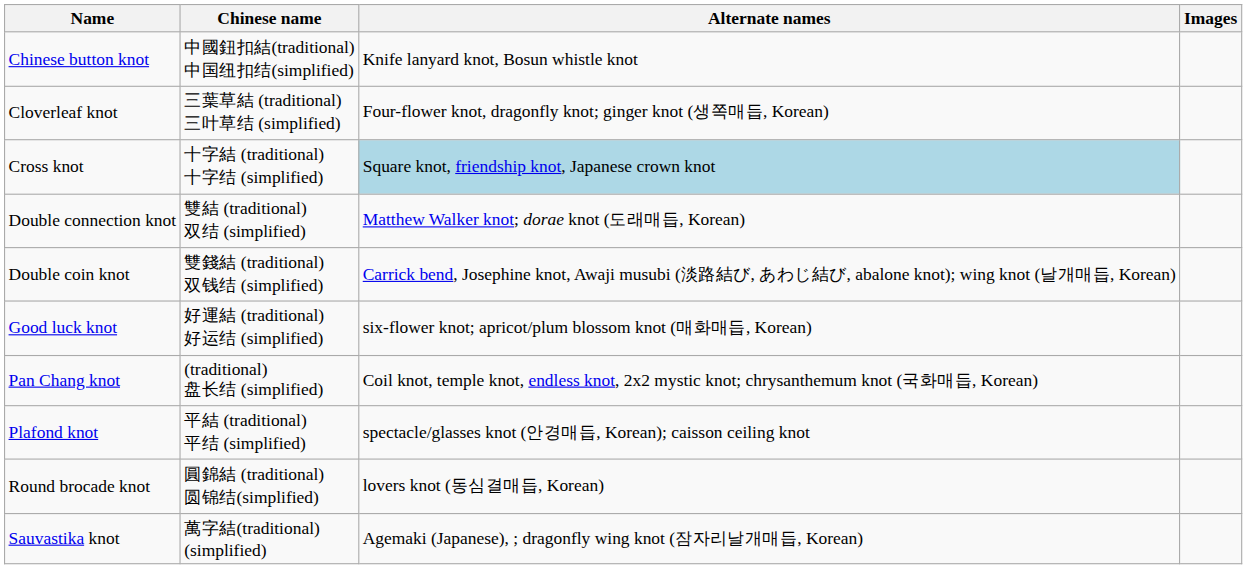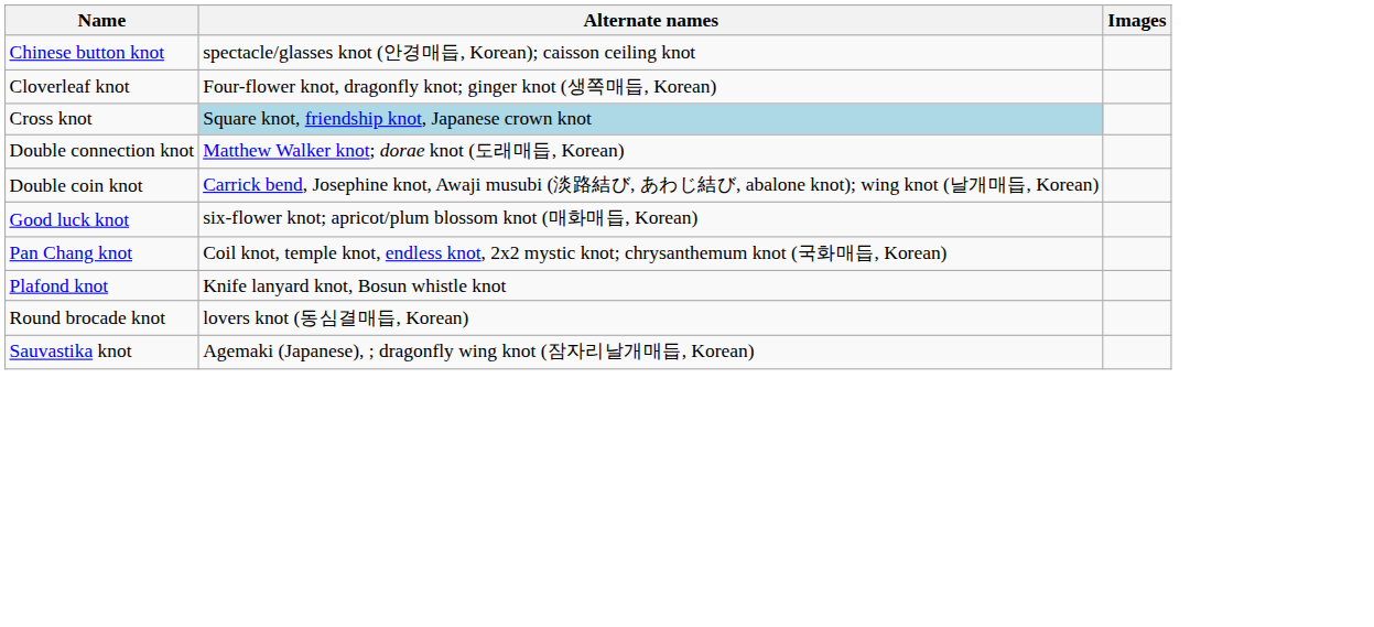 <table class="wikitable">
 <tr>
 <th>Name</th>
-<th>Chinese name</th>
 <th>Alternate names</th>
 <th>Images</th>
 </tr>
 <tr>
 <td><a href='#'>Chinese button knot</a></td>
-<td>中國鈕扣結(traditional)<br>中国纽扣结(simplified)</td>
-<td>Knife lanyard knot, Bosun whistle knot</td>
+<td>spectacle/glasses knot (안경매듭, Korean); caisson ceiling knot</td>
 <td></td>
 </tr>
 <tr>
 <td>Cloverleaf knot</td>
-<td>三葉草結 (traditional)<br>三叶草结 (simplified)</td>
 <td>Four-flower knot, dragonfly knot; ginger knot (생쪽매듭, Korean)</td>
 <td><br></td>
 </tr>
 <tr>
 <td>Cross knot</td>
-<td>十字結 (traditional)<br>十字结 (simplified)</td>
 <td style="background: lightblue;">Square knot, <a href='#'>friendship knot</a>, Japanese crown knot</td>
 <td></td>
 </tr>
 <tr>
 <td>Double connection knot</td>
-<td>雙結 (traditional)<br>双结 (simplified)</td>
 <td><a href='#'>Matthew Walker knot</a>; <em>dorae</em> knot (도래매듭, Korean)</td>
 <td><br></td>
 </tr>
 <tr>
 <td>Double coin knot</td>
-<td>雙錢結 (traditional)<br>双钱结 (simplified)</td>
 <td><a href='#'>Carrick bend</a>, Josephine knot, Awaji musubi (淡路結び, あわじ結び, abalone knot); wing knot (날개매듭, Korean)</td>
 <td><br></td>
 </tr>
 <tr>
 <td><a href='#'>Good luck knot</a></td>
-<td>好運結 (traditional)<br>好运结 (simplified)</td>
 <td>six-flower knot; apricot/plum blossom knot (매화매듭, Korean)</td>
 <td></td>
 </tr>
 <tr>
 <td><a href='#'>Pan Chang knot</a></td>
-<td> (traditional)<br>盘长结 (simplified)</td>
 <td>Coil knot, temple knot, <a href='#'>endless knot</a>, 2x2 mystic knot; chrysanthemum knot (국화매듭, Korean)</td>
 <td></td>
 </tr>
 <tr>
 <td><a href='#'>Plafond knot</a></td>
-<td>平結 (traditional)<br>平结 (simplified)</td>
-<td>spectacle/glasses knot (안경매듭, Korean); caisson ceiling knot</td>
+<td>Knife lanyard knot, Bosun whistle knot</td>
 <td></td>
 </tr>
 <tr>
 <td>Round brocade knot</td>
-<td>圓錦結 (traditional)<br>圆锦结(simplified)</td>
 <td>lovers knot (동심결매듭, Korean)</td>
 <td></td>
 </tr>
 <tr>
 <td><a href='#'>Sauvastika</a> knot</td>
-<td>萬字結(traditional)<br> (simplified)</td>
 <td>Agemaki (Japanese), ; dragonfly wing knot (잠자리날개매듭, Korean)</td>
 <td><br></td>
 </tr>
 </table>
